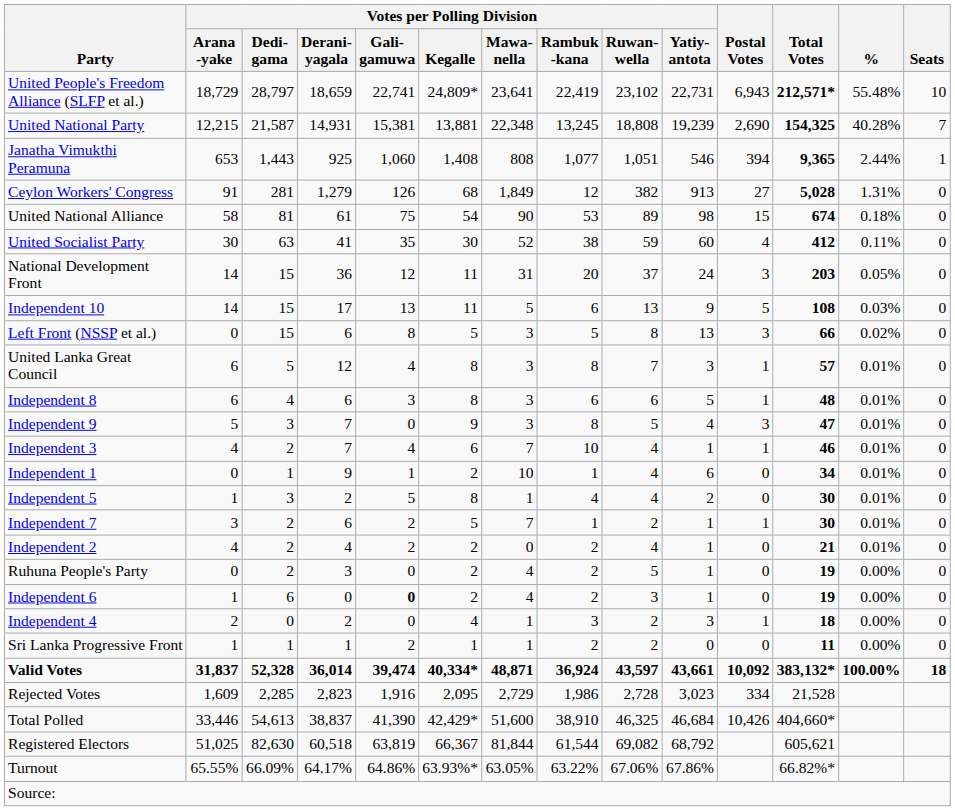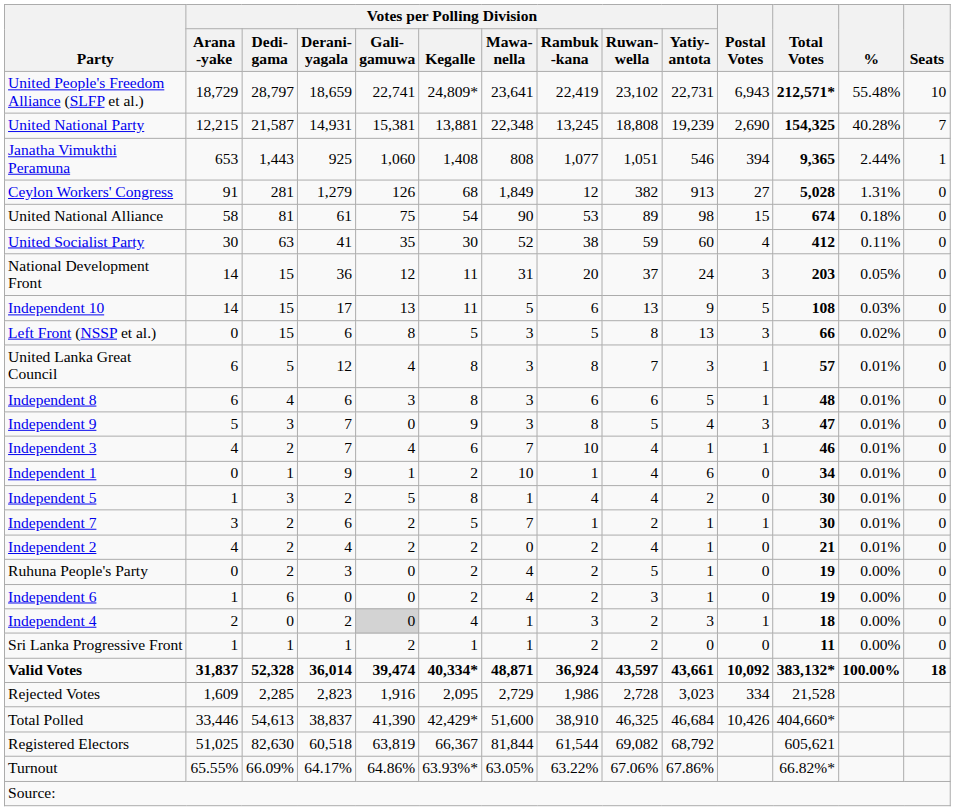 <table class="wikitable" border="1" style="text-align:right;">
 <tr>
 <th align=left valign=bottom rowspan=2 width="180">Party</th>
 <th colspan=9>Votes per Polling Division</th>
 <th align=center valign=bottom rowspan=2 width="50">Postal<br>Votes</th>
 <th align=center valign=bottom rowspan=2 width="50">Total Votes</th>
 <th align=center valign=bottom rowspan=2 width="50">%</th>
 <th align=center valign=bottom rowspan=2 width="40">Seats</th>
 </tr>
 <tr>
 <th align=center valign=bottom width="50">Arana<br>-yake</th>
 <th align=center valign=bottom width="50">Dedi-<br>gama</th>
 <th align=center valign=bottom width="50">Derani-<br>yagala</th>
 <th align=center valign=bottom width="50">Gali-<br>gamuwa</th>
 <th align=center valign=bottom width="50">Kegalle</th>
 <th align=center valign=bottom width="50">Mawa-<br>nella</th>
 <th align=center valign=bottom width="50">Rambuk<br>-kana</th>
 <th align=center valign=bottom width="50">Ruwan-<br>wella</th>
 <th align=center valign=bottom width="50">Yatiy-<br>antota</th>
 </tr>
 <tr>
 <td align=left><a href='#'>United People's Freedom Alliance</a> (<a href='#'>SLFP</a> et al.)</td>
 <td>18,729</td>
 <td>28,797</td>
 <td>18,659</td>
 <td>22,741</td>
 <td>24,809*</td>
 <td>23,641</td>
 <td>22,419</td>
 <td>23,102</td>
 <td>22,731</td>
 <td>6,943</td>
 <td><strong>212,571*</strong></td>
 <td>55.48%</td>
 <td>10</td>
 </tr>
 <tr>
 <td align=left><a href='#'>United National Party</a></td>
 <td>12,215</td>
 <td>21,587</td>
 <td>14,931</td>
 <td>15,381</td>
 <td>13,881</td>
 <td>22,348</td>
 <td>13,245</td>
 <td>18,808</td>
 <td>19,239</td>
 <td>2,690</td>
 <td><strong>154,325</strong></td>
 <td>40.28%</td>
 <td>7</td>
 </tr>
 <tr>
 <td align=left><a href='#'>Janatha Vimukthi Peramuna</a></td>
 <td>653</td>
 <td>1,443</td>
 <td>925</td>
 <td>1,060</td>
 <td>1,408</td>
 <td>808</td>
 <td>1,077</td>
 <td>1,051</td>
 <td>546</td>
 <td>394</td>
 <td><strong>9,365</strong></td>
 <td>2.44%</td>
 <td>1</td>
 </tr>
 <tr>
 <td align=left><a href='#'>Ceylon Workers' Congress</a></td>
 <td>91</td>
 <td>281</td>
 <td>1,279</td>
 <td>126</td>
 <td>68</td>
 <td>1,849</td>
 <td>12</td>
 <td>382</td>
 <td>913</td>
 <td>27</td>
 <td><strong>5,028</strong></td>
 <td>1.31%</td>
 <td>0</td>
 </tr>
 <tr>
 <td align=left>United National Alliance</td>
 <td>58</td>
 <td>81</td>
 <td>61</td>
 <td>75</td>
 <td>54</td>
 <td>90</td>
 <td>53</td>
 <td>89</td>
 <td>98</td>
 <td>15</td>
 <td><strong>674</strong></td>
 <td>0.18%</td>
 <td>0</td>
 </tr>
 <tr>
 <td align=left><a href='#'>United Socialist Party</a></td>
 <td>30</td>
 <td>63</td>
 <td>41</td>
 <td>35</td>
 <td>30</td>
 <td>52</td>
 <td>38</td>
 <td>59</td>
 <td>60</td>
 <td>4</td>
 <td><strong>412</strong></td>
 <td>0.11%</td>
 <td>0</td>
 </tr>
 <tr>
 <td align=left>National Development Front</td>
 <td>14</td>
 <td>15</td>
 <td>36</td>
 <td>12</td>
 <td>11</td>
 <td>31</td>
 <td>20</td>
 <td>37</td>
 <td>24</td>
 <td>3</td>
 <td><strong>203</strong></td>
 <td>0.05%</td>
 <td>0</td>
 </tr>
 <tr>
 <td align=left><a href='#'>Independent 10</a></td>
 <td>14</td>
 <td>15</td>
 <td>17</td>
 <td>13</td>
 <td>11</td>
 <td>5</td>
 <td>6</td>
 <td>13</td>
 <td>9</td>
 <td>5</td>
 <td><strong>108</strong></td>
 <td>0.03%</td>
 <td>0</td>
 </tr>
 <tr>
 <td align=left><a href='#'>Left Front</a> (<a href='#'>NSSP</a> et al.)</td>
 <td>0</td>
 <td>15</td>
 <td>6</td>
 <td>8</td>
 <td>5</td>
 <td>3</td>
 <td>5</td>
 <td>8</td>
 <td>13</td>
 <td>3</td>
 <td><strong>66</strong></td>
 <td>0.02%</td>
 <td>0</td>
 </tr>
 <tr>
 <td align=left>United Lanka Great Council</td>
 <td>6</td>
 <td>5</td>
 <td>12</td>
 <td>4</td>
 <td>8</td>
 <td>3</td>
 <td>8</td>
 <td>7</td>
 <td>3</td>
 <td>1</td>
 <td><strong>57</strong></td>
 <td>0.01%</td>
 <td>0</td>
 </tr>
 <tr>
 <td align=left><a href='#'>Independent 8</a></td>
 <td>6</td>
 <td>4</td>
 <td>6</td>
 <td>3</td>
 <td>8</td>
 <td>3</td>
 <td>6</td>
 <td>6</td>
 <td>5</td>
 <td>1</td>
 <td><strong>48</strong></td>
 <td>0.01%</td>
 <td>0</td>
 </tr>
 <tr>
 <td align=left><a href='#'>Independent 9</a></td>
 <td>5</td>
 <td>3</td>
 <td>7</td>
 <td>0</td>
 <td>9</td>
 <td>3</td>
 <td>8</td>
 <td>5</td>
 <td>4</td>
 <td>3</td>
 <td><strong>47</strong></td>
 <td>0.01%</td>
 <td>0</td>
 </tr>
 <tr>
 <td align=left><a href='#'>Independent 3</a></td>
 <td>4</td>
 <td>2</td>
 <td>7</td>
 <td>4</td>
 <td>6</td>
 <td>7</td>
 <td>10</td>
 <td>4</td>
 <td>1</td>
 <td>1</td>
 <td><strong>46</strong></td>
 <td>0.01%</td>
 <td>0</td>
 </tr>
 <tr>
 <td align=left><a href='#'>Independent 1</a></td>
 <td>0</td>
 <td>1</td>
 <td>9</td>
 <td>1</td>
 <td>2</td>
 <td>10</td>
 <td>1</td>
 <td>4</td>
 <td>6</td>
 <td>0</td>
 <td><strong>34</strong></td>
 <td>0.01%</td>
 <td>0</td>
 </tr>
 <tr>
 <td align=left><a href='#'>Independent 5</a></td>
 <td>1</td>
 <td>3</td>
 <td>2</td>
 <td>5</td>
 <td>8</td>
 <td>1</td>
 <td>4</td>
 <td>4</td>
 <td>2</td>
 <td>0</td>
 <td><strong>30</strong></td>
 <td>0.01%</td>
 <td>0</td>
 </tr>
 <tr>
 <td align=left><a href='#'>Independent 7</a></td>
 <td>3</td>
 <td>2</td>
 <td>6</td>
 <td>2</td>
 <td>5</td>
 <td>7</td>
 <td>1</td>
 <td>2</td>
 <td>1</td>
 <td>1</td>
 <td><strong>30</strong></td>
 <td>0.01%</td>
 <td>0</td>
 </tr>
 <tr>
 <td align=left><a href='#'>Independent 2</a></td>
 <td>4</td>
 <td>2</td>
 <td>4</td>
 <td>2</td>
 <td>2</td>
 <td>0</td>
 <td>2</td>
 <td>4</td>
 <td>1</td>
 <td>0</td>
 <td><strong>21</strong></td>
 <td>0.01%</td>
 <td>0</td>
 </tr>
 <tr>
 <td align=left>Ruhuna People's Party</td>
 <td>0</td>
 <td>2</td>
 <td>3</td>
 <td>0</td>
 <td>2</td>
 <td>4</td>
 <td>2</td>
 <td>5</td>
 <td>1</td>
 <td>0</td>
 <td><strong>19</strong></td>
 <td>0.00%</td>
 <td>0</td>
 </tr>
 <tr>
 <td align=left><a href='#'>Independent 6</a></td>
 <td>1</td>
 <td>6</td>
 <td>0</td>
-<td><strong>0</strong></td>
+<td>0</td>
 <td>2</td>
 <td>4</td>
 <td>2</td>
 <td>3</td>
 <td>1</td>
 <td>0</td>
 <td><strong>19</strong></td>
 <td>0.00%</td>
 <td>0</td>
 </tr>
 <tr>
 <td align=left><a href='#'>Independent 4</a></td>
 <td>2</td>
 <td>0</td>
 <td>2</td>
-<td>0</td>
+<td style="background: lightgrey;">0</td>
 <td>4</td>
 <td>1</td>
 <td>3</td>
 <td>2</td>
 <td>3</td>
 <td>1</td>
 <td><strong>18</strong></td>
 <td>0.00%</td>
 <td>0</td>
 </tr>
 <tr>
 <td align=left>Sri Lanka Progressive Front</td>
 <td>1</td>
 <td>1</td>
 <td>1</td>
 <td>2</td>
 <td>1</td>
 <td>1</td>
 <td>2</td>
 <td>2</td>
 <td>0</td>
 <td>0</td>
 <td><strong>11</strong></td>
 <td>0.00%</td>
 <td>0</td>
 </tr>
 <tr>
 <td align=left><strong>Valid Votes</strong></td>
 <td><strong>31,837</strong></td>
 <td><strong>52,328</strong></td>
 <td><strong>36,014</strong></td>
 <td><strong>39,474</strong></td>
 <td><strong>40,334*</strong></td>
 <td><strong>48,871</strong></td>
 <td><strong>36,924</strong></td>
 <td><strong>43,597</strong></td>
 <td><strong>43,661</strong></td>
 <td><strong>10,092</strong></td>
 <td><strong>383,132*</strong></td>
 <td><strong>100.00%</strong></td>
 <td><strong>18</strong></td>
 </tr>
 <tr>
 <td align=left>Rejected Votes</td>
 <td>1,609</td>
 <td>2,285</td>
 <td>2,823</td>
 <td>1,916</td>
 <td>2,095</td>
 <td>2,729</td>
 <td>1,986</td>
 <td>2,728</td>
 <td>3,023</td>
 <td>334</td>
 <td>21,528</td>
 <td></td>
 <td></td>
 </tr>
 <tr>
 <td align=left>Total Polled</td>
 <td>33,446</td>
 <td>54,613</td>
 <td>38,837</td>
 <td>41,390</td>
 <td>42,429*</td>
 <td>51,600</td>
 <td>38,910</td>
 <td>46,325</td>
 <td>46,684</td>
 <td>10,426</td>
 <td>404,660*</td>
 <td></td>
 <td></td>
 </tr>
 <tr>
 <td align=left>Registered Electors</td>
 <td>51,025</td>
 <td>82,630</td>
 <td>60,518</td>
 <td>63,819</td>
 <td>66,367</td>
 <td>81,844</td>
 <td>61,544</td>
 <td>69,082</td>
 <td>68,792</td>
 <td></td>
 <td>605,621</td>
 <td></td>
 <td></td>
 </tr>
 <tr>
 <td align=left>Turnout</td>
 <td>65.55%</td>
 <td>66.09%</td>
 <td>64.17%</td>
 <td>64.86%</td>
 <td>63.93%*</td>
 <td>63.05%</td>
 <td>63.22%</td>
 <td>67.06%</td>
 <td>67.86%</td>
 <td></td>
 <td>66.82%*</td>
 <td></td>
 <td></td>
 </tr>
 <tr>
 <td align=left colspan=15>Source:</td>
 </tr>
 </table>
